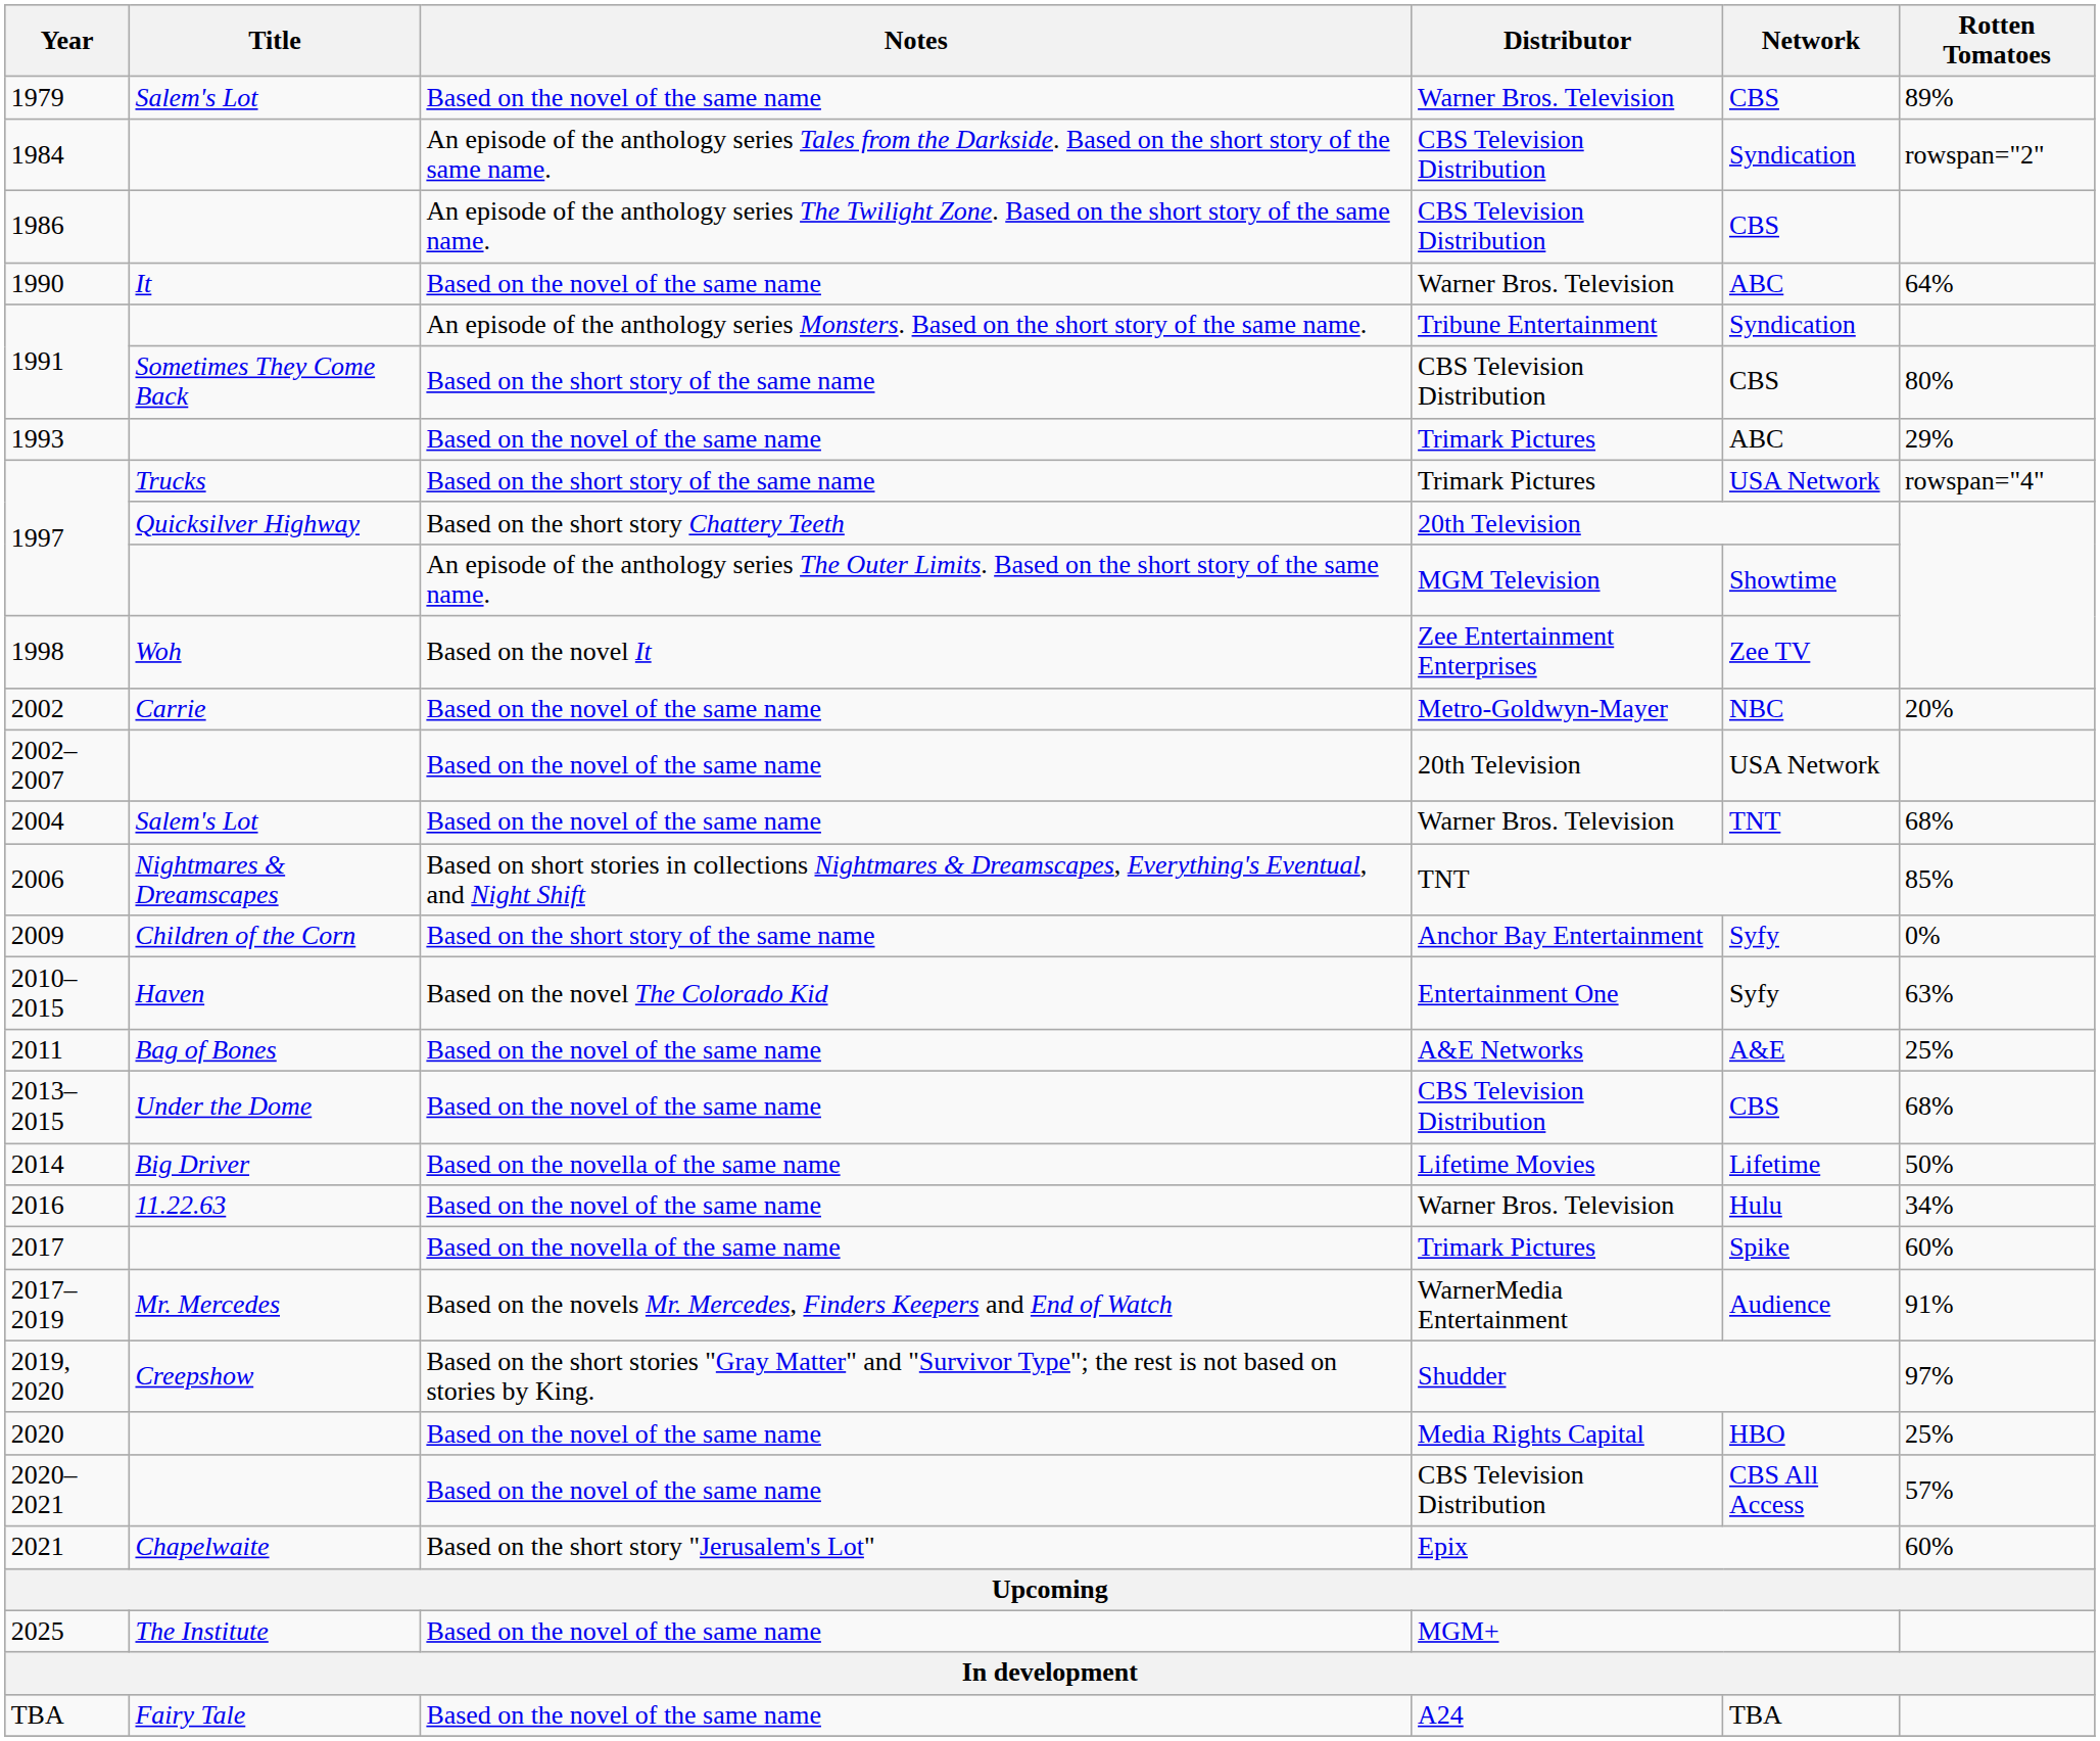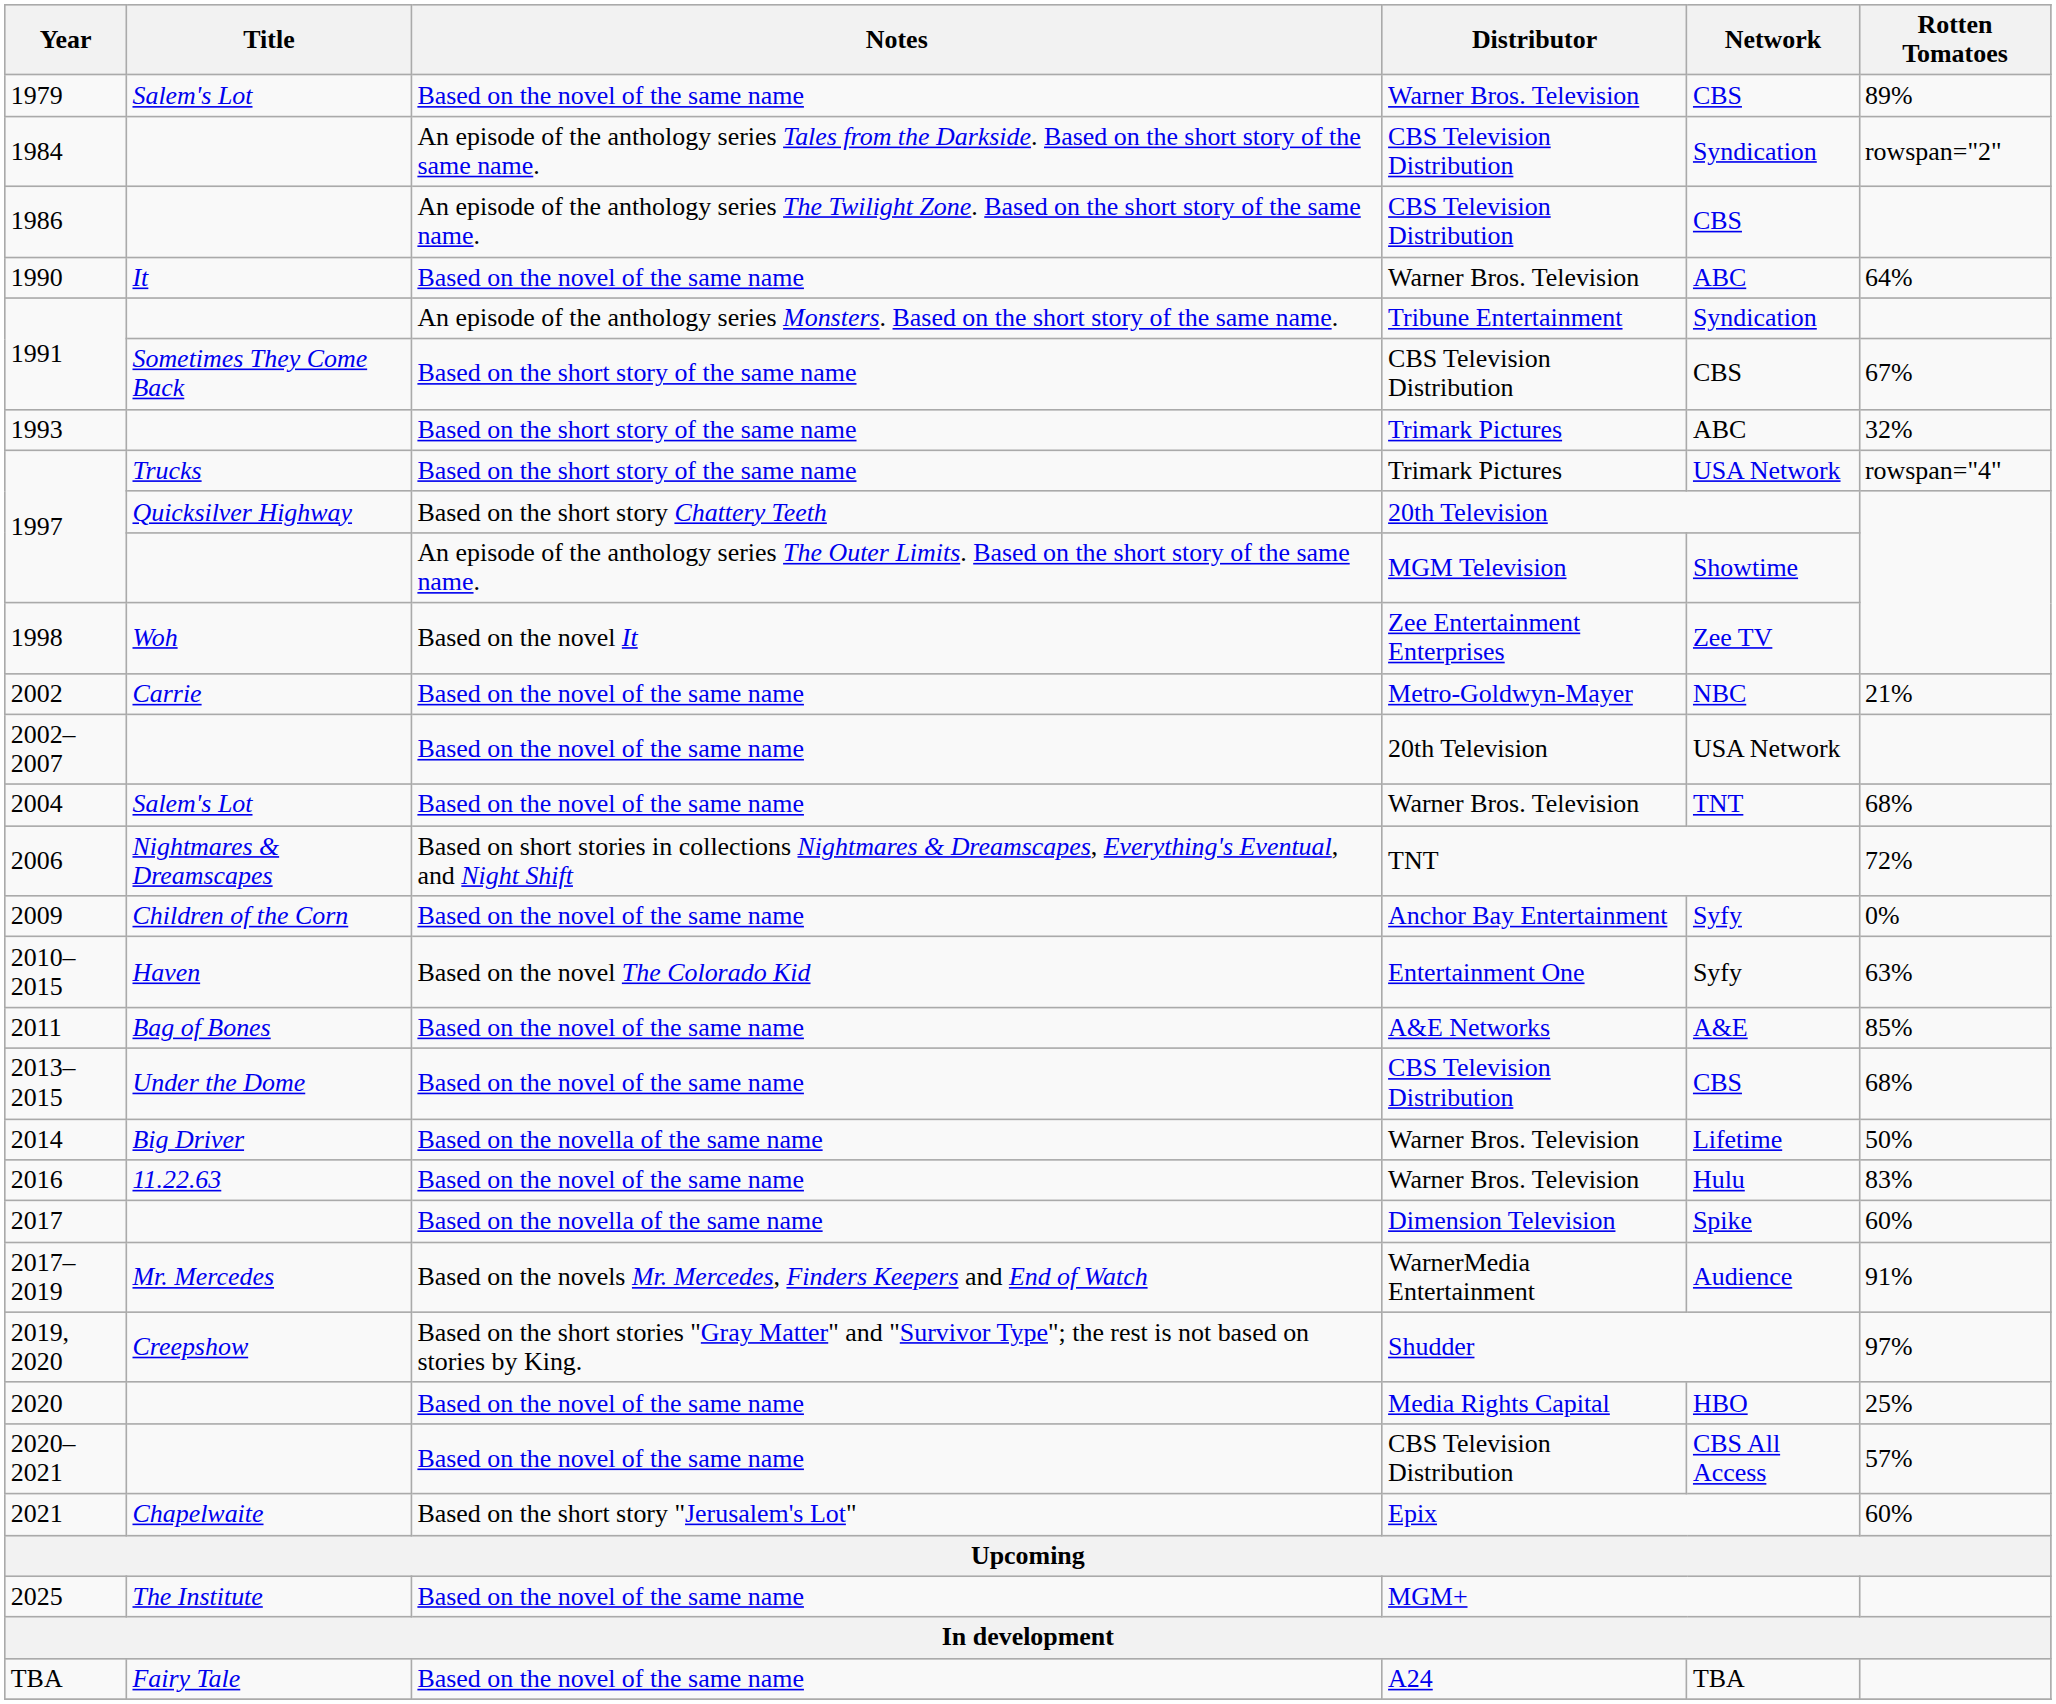 <table class="wikitable sortable plainrowheaders" style="width:100%;">
 <tr>
 <th>Year</th>
 <th>Title</th>
 <th class="unsortable">Notes</th>
 <th class="unsortable">Distributor</th>
 <th class="unsortable">Network</th>
 <th>Rotten Tomatoes</th>
 </tr>
 <tr>
 <td>1979</td>
 <td><em><a href='#'>Salem's Lot</a></em></td>
 <td><a href='#'>Based on the novel of the same name</a></td>
 <td><a href='#'>Warner Bros. Television</a></td>
 <td><a href='#'>CBS</a></td>
 <td>89%</td>
 </tr>
 <tr>
 <td>1984</td>
 <td></td>
 <td>An episode of the anthology series <em><a href='#'>Tales from the Darkside</a></em>. <a href='#'>Based on the short story of the same name</a>.</td>
 <td><a href='#'>CBS Television Distribution</a></td>
 <td><a href='#'>Syndication</a></td>
 <td>rowspan="2" </td>
 </tr>
 <tr>
 <td>1986</td>
 <td></td>
 <td>An episode of the anthology series <a href='#'><em>The Twilight Zone</em></a>. <a href='#'>Based on the short story of the same name</a>.</td>
 <td><a href='#'>CBS Television Distribution</a></td>
 <td><a href='#'>CBS</a></td>
 </tr>
 <tr>
 <td>1990</td>
 <td><em><a href='#'>It</a></em></td>
 <td><a href='#'>Based on the novel of the same name</a></td>
 <td>Warner Bros. Television</td>
 <td><a href='#'>ABC</a></td>
 <td>64%</td>
 </tr>
 <tr>
 <td rowspan="2">1991</td>
 <td></td>
 <td>An episode of the anthology series <a href='#'><em>Monsters</em></a>. <a href='#'>Based on the short story of the same name</a>.</td>
 <td><a href='#'>Tribune Entertainment</a></td>
 <td><a href='#'>Syndication</a></td>
 <td></td>
 </tr>
 <tr>
 <td><em><a href='#'>Sometimes They Come Back</a></em></td>
 <td><a href='#'>Based on the short story of the same name</a></td>
 <td>CBS Television Distribution</td>
 <td>CBS</td>
-<td>80%</td>
+<td>67%</td>
 </tr>
 <tr>
 <td>1993</td>
 <td></td>
-<td><a href='#'>Based on the novel of the same name</a></td>
+<td><a href='#'>Based on the short story of the same name</a></td>
 <td><a href='#'>Trimark Pictures</a></td>
 <td>ABC</td>
-<td>29%</td>
+<td>32%</td>
 </tr>
 <tr>
 <td rowspan="3">1997</td>
 <td><em><a href='#'>Trucks</a></em></td>
 <td><a href='#'>Based on the short story of the same name</a></td>
 <td>Trimark Pictures</td>
 <td><a href='#'>USA Network</a></td>
 <td>rowspan="4" </td>
 </tr>
 <tr>
 <td><em><a href='#'>Quicksilver Highway</a></em></td>
 <td>Based on the short story <em><a href='#'>Chattery Teeth</a></em></td>
 <td colspan="2"><a href='#'>20th Television</a></td>
 </tr>
 <tr>
 <td></td>
 <td>An episode of the anthology series <a href='#'><em>The Outer Limits</em></a>. <a href='#'>Based on the short story of the same name</a>.</td>
 <td><a href='#'>MGM Television</a></td>
 <td><a href='#'>Showtime</a></td>
 </tr>
 <tr>
 <td>1998</td>
 <td><em><a href='#'>Woh</a></em></td>
 <td>Based on the novel <em><a href='#'>It</a></em></td>
 <td><a href='#'>Zee Entertainment Enterprises</a></td>
 <td><a href='#'>Zee TV</a></td>
 </tr>
 <tr>
 <td>2002</td>
 <td><em><a href='#'>Carrie</a></em></td>
 <td><a href='#'>Based on the novel of the same name</a></td>
 <td><a href='#'>Metro-Goldwyn-Mayer</a></td>
 <td><a href='#'>NBC</a></td>
-<td>20%</td>
+<td>21%</td>
 </tr>
 <tr>
 <td>2002–2007</td>
 <td></td>
 <td><a href='#'>Based on the novel of the same name</a></td>
 <td>20th Television</td>
 <td>USA Network</td>
 <td></td>
 </tr>
 <tr>
 <td>2004</td>
 <td><em><a href='#'>Salem's Lot</a></em></td>
 <td><a href='#'>Based on the novel of the same name</a></td>
 <td>Warner Bros. Television</td>
 <td><a href='#'>TNT</a></td>
 <td>68%</td>
 </tr>
 <tr>
 <td>2006</td>
 <td><em><a href='#'>Nightmares & Dreamscapes</a></em></td>
 <td>Based on short stories in collections <em><a href='#'>Nightmares & Dreamscapes</a></em>, <em><a href='#'>Everything's Eventual</a></em>, and <em><a href='#'>Night Shift</a></em></td>
 <td colspan="2">TNT</td>
-<td>85%</td>
+<td>72%</td>
 </tr>
 <tr>
 <td>2009</td>
 <td><em><a href='#'>Children of the Corn</a></em></td>
-<td><a href='#'>Based on the short story of the same name</a></td>
+<td><a href='#'>Based on the novel of the same name</a></td>
 <td><a href='#'>Anchor Bay Entertainment</a></td>
 <td><a href='#'>Syfy</a></td>
 <td>0%</td>
 </tr>
 <tr>
 <td>2010–2015</td>
 <td><em><a href='#'>Haven</a></em></td>
 <td>Based on the novel <em><a href='#'>The Colorado Kid</a></em></td>
 <td><a href='#'>Entertainment One</a></td>
 <td>Syfy</td>
 <td>63%</td>
 </tr>
 <tr>
 <td>2011</td>
 <td><em><a href='#'>Bag of Bones</a></em></td>
 <td><a href='#'>Based on the novel of the same name</a></td>
 <td><a href='#'>A&E Networks</a></td>
 <td><a href='#'>A&E</a></td>
-<td>25%</td>
+<td>85%</td>
 </tr>
 <tr>
 <td>2013–2015</td>
 <td><em><a href='#'>Under the Dome</a></em></td>
 <td><a href='#'>Based on the novel of the same name</a></td>
 <td><a href='#'>CBS Television Distribution</a></td>
 <td><a href='#'>CBS</a></td>
 <td>68%</td>
 </tr>
 <tr>
 <td>2014</td>
 <td><em><a href='#'>Big Driver</a></em></td>
 <td><a href='#'>Based on the novella of the same name</a></td>
-<td><a href='#'>Lifetime Movies</a></td>
+<td>Warner Bros. Television</td>
 <td><a href='#'>Lifetime</a></td>
 <td>50%</td>
 </tr>
 <tr>
 <td>2016</td>
 <td><em><a href='#'>11.22.63</a></em></td>
 <td><a href='#'>Based on the novel of the same name</a></td>
 <td>Warner Bros. Television</td>
 <td><a href='#'>Hulu</a></td>
-<td>34%</td>
+<td>83%</td>
 </tr>
 <tr>
 <td>2017</td>
 <td></td>
 <td><a href='#'>Based on the novella of the same name</a></td>
-<td><a href='#'>Trimark Pictures</a></td>
+<td><a href='#'>Dimension Television</a></td>
 <td><a href='#'>Spike</a></td>
 <td>60%</td>
 </tr>
 <tr>
 <td>2017–2019</td>
 <td><em><a href='#'>Mr. Mercedes</a></em></td>
 <td>Based on the novels <em><a href='#'>Mr. Mercedes</a></em>, <em><a href='#'>Finders Keepers</a></em> and <em><a href='#'>End of Watch</a></em></td>
 <td>WarnerMedia Entertainment</td>
 <td><a href='#'>Audience</a></td>
 <td>91%</td>
 </tr>
 <tr>
 <td>2019, 2020</td>
 <td><em><a href='#'>Creepshow</a></em></td>
 <td>Based on the short stories "<a href='#'>Gray Matter</a>" and "<a href='#'>Survivor Type</a>"; the rest is not based on stories by King.</td>
 <td colspan="2"><a href='#'>Shudder</a></td>
 <td>97%</td>
 </tr>
 <tr>
 <td>2020</td>
 <td></td>
 <td><a href='#'>Based on the novel of the same name</a></td>
 <td><a href='#'>Media Rights Capital</a></td>
 <td><a href='#'>HBO</a></td>
 <td>25%</td>
 </tr>
 <tr>
 <td>2020–2021</td>
 <td></td>
 <td><a href='#'>Based on the novel of the same name</a></td>
 <td>CBS Television Distribution</td>
 <td><a href='#'>CBS All Access</a></td>
 <td>57%</td>
 </tr>
 <tr>
 <td>2021</td>
 <td><em><a href='#'>Chapelwaite</a></em></td>
 <td>Based on the short story "<a href='#'>Jerusalem's Lot</a>"</td>
 <td colspan="2"><a href='#'>Epix</a></td>
 <td>60%</td>
 </tr>
 <tr>
 <th colspan="6" style="background-color:#white;">Upcoming</th>
 </tr>
 <tr>
 <td>2025</td>
 <td><em><a href='#'>The Institute</a></em></td>
 <td><a href='#'>Based on the novel of the same name</a></td>
 <td colspan="2"><a href='#'>MGM+</a></td>
 <td></td>
 </tr>
 <tr>
 <th colspan="6" style="background-color:#white;">In development</th>
 </tr>
 <tr>
 <td>TBA</td>
 <td><em><a href='#'>Fairy Tale</a></em></td>
 <td><a href='#'>Based on the novel of the same name</a></td>
 <td><a href='#'>A24</a></td>
 <td>TBA</td>
 <td></td>
 </tr>
 <tr>
 </tr>
 </table>
